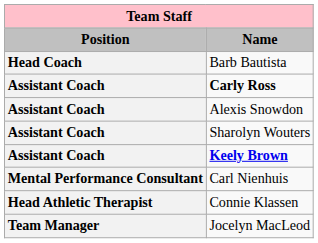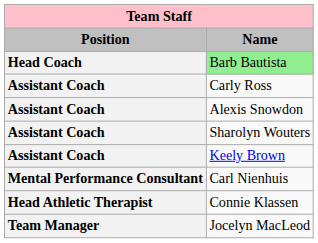 <table class="wikitable" style="text-align:left; font-size:90%;">
 <tr>
 <th style=background:pink colspan=3>Team Staff</th>
 </tr>
 <tr>
 <th style="background:silver;">Position</th>
 <th style="background:silver;">Name</th>
 </tr>
 <tr>
 <th style="text-align:left;">Head Coach</th>
-<td>Barb Bautista</td>
+<td style="background: lightgreen;">Barb Bautista</td>
 </tr>
 <tr>
 <th style="text-align:left;">Assistant Coach</th>
-<td><strong>Carly Ross</strong></td>
+<td>Carly Ross</td>
 </tr>
 <tr>
 <th style="text-align:left;">Assistant Coach</th>
 <td>Alexis Snowdon</td>
 </tr>
 <tr>
 <th style="text-align:left;">Assistant Coach</th>
 <td>Sharolyn Wouters</td>
 </tr>
 <tr>
 <th style="text-align:left;">Assistant Coach</th>
-<td><strong><a href='#'>Keely Brown</a></strong></td>
+<td><a href='#'>Keely Brown</a></td>
 </tr>
 <tr>
 <th style="text-align:left;">Mental Performance Consultant</th>
 <td>Carl Nienhuis</td>
 </tr>
 <tr>
 <th style="text-align:left;">Head Athletic Therapist</th>
 <td>Connie Klassen</td>
 </tr>
 <tr>
 <th style="text-align:left;">Team Manager</th>
 <td>Jocelyn MacLeod</td>
 </tr>
 </table>
